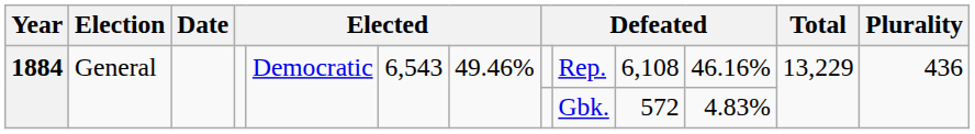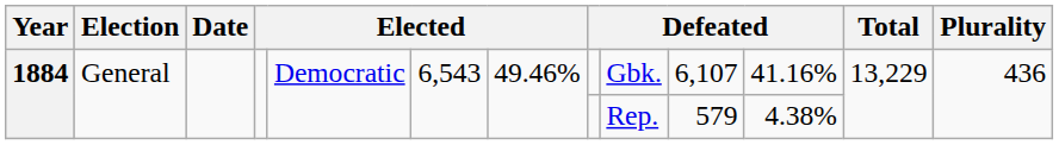 <table class=wikitable>
 <tr>
 <th>Year</th>
 <th>Election</th>
 <th>Date</th>
 <th ! colspan="4">Elected</th>
 <th ! colspan="4">Defeated</th>
 <th>Total</th>
 <th>Plurality</th>
 </tr>
 <tr>
 <th rowspan="2" valign="top">1884</th>
 <td rowspan="2" valign="top">General</td>
 <td rowspan="2" valign="top"></td>
 <td rowspan="2" valign="top"></td>
 <td rowspan="2" valign="top" ><a href='#'>Democratic</a></td>
 <td rowspan="2" valign="top" align="right">6,543</td>
 <td rowspan="2" valign="top" align="right">49.46%</td>
 <td valign="top"></td>
-<td valign="top" ><a href='#'>Rep.</a></td>
-<td valign="top" align="right">6,108</td>
-<td valign="top" align="right">46.16%</td>
+<td valign="top" ><a href='#'>Gbk.</a></td>
+<td valign="top" align="right">6,107</td>
+<td valign="top" align="right">41.16%</td>
 <td rowspan="2" valign="top" align="right">13,229</td>
 <td rowspan="2" valign="top" align="right">436</td>
 </tr>
 <tr>
 <td valign="top"></td>
-<td valign="top" ><a href='#'>Gbk.</a></td>
-<td valign="top" align="right">572</td>
-<td valign="top" align="right">4.83%</td>
+<td valign="top" ><a href='#'>Rep.</a></td>
+<td valign="top" align="right">579</td>
+<td valign="top" align="right">4.38%</td>
 </tr>
 </table>
